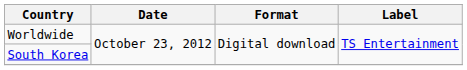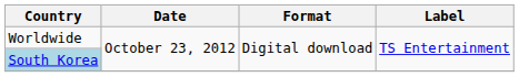 <table class="wikitable">
 <tr>
 <th>Country</th>
 <th>Date</th>
 <th>Format</th>
 <th>Label</th>
 </tr>
 <tr>
 <td rowspan="1">Worldwide</td>
 <td rowspan="2">October 23, 2012</td>
 <td rowspan="2">Digital download</td>
 <td rowspan="2"><a href='#'>TS Entertainment</a></td>
 </tr>
 <tr>
-<td rowspan="1"><a href='#'>South Korea</a></td>
+<td rowspan="1" style="background: lightblue;"><a href='#'>South Korea</a></td>
 </tr>
 <tr>
 </tr>
 </table>
